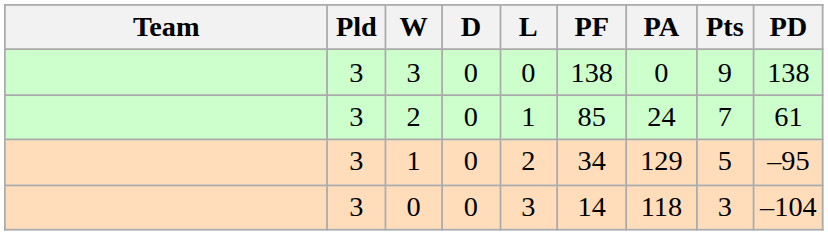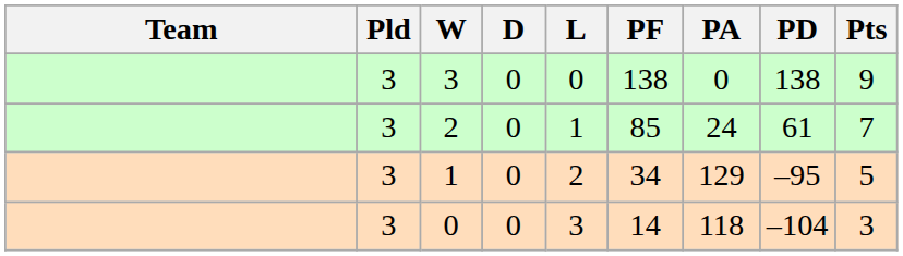 <table class="wikitable" style="text-align:center;">
 <tr>
 <th width=175>Team</th>
 <th width=25 abbr="Played">Pld</th>
 <th width=25 abbr="Won">W</th>
 <th width=25 abbr="Drawn">D</th>
 <th width=25 abbr="Lost">L</th>
 <th width=32 abbr="Points for">PF</th>
 <th width=32 abbr="Points against">PA</th>
+<th width=32 abbr="Points difference">PD</th>
 <th width=25 abbr="Points">Pts</th>
-<th width=32 abbr="Points difference">PD</th>
 </tr>
 <tr bgcolor="#ccffcc">
 <td align=left></td>
 <td>3</td>
 <td>3</td>
 <td>0</td>
 <td>0</td>
 <td>138</td>
 <td>0</td>
+<td>138</td>
 <td>9</td>
-<td>138</td>
 </tr>
 <tr bgcolor="#ccffcc">
 <td align=left></td>
 <td>3</td>
 <td>2</td>
 <td>0</td>
 <td>1</td>
 <td>85</td>
 <td>24</td>
+<td>61</td>
 <td>7</td>
-<td>61</td>
 </tr>
 <tr bgcolor="#ffddbb">
 <td align=left></td>
 <td>3</td>
 <td>1</td>
 <td>0</td>
 <td>2</td>
 <td>34</td>
 <td>129</td>
+<td>–95</td>
 <td>5</td>
-<td>–95</td>
 </tr>
 <tr bgcolor="#ffddbb">
 <td align=left></td>
 <td>3</td>
 <td>0</td>
 <td>0</td>
 <td>3</td>
 <td>14</td>
 <td>118</td>
+<td>–104</td>
 <td>3</td>
-<td>–104</td>
 </tr>
 </table>
